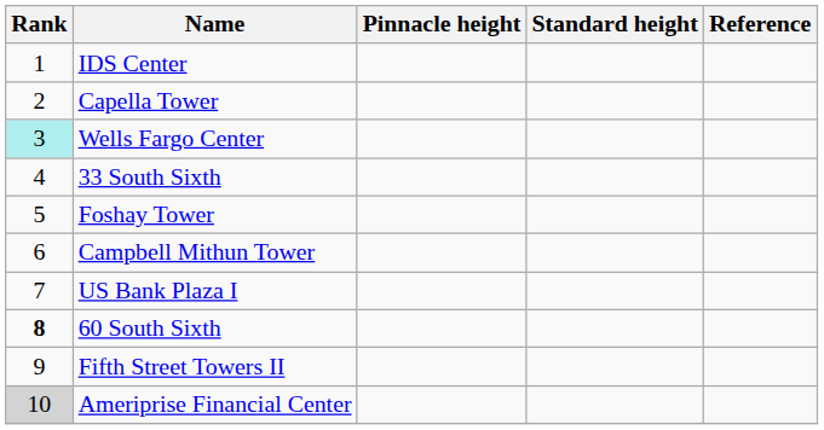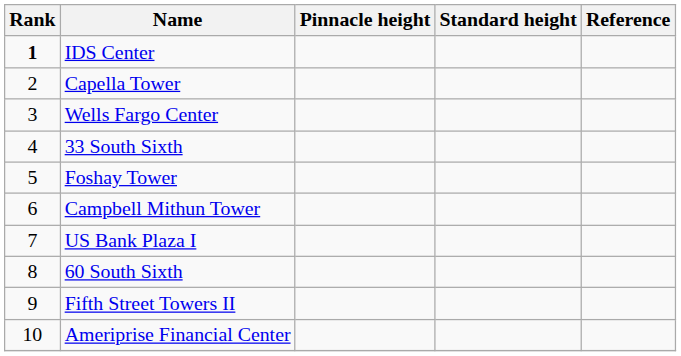 <table class="wikitable sortable" style="text-align:center;">
 <tr>
 <th scope=col>Rank</th>
 <th scope=col>Name</th>
 <th scope=col>Pinnacle height<br></th>
 <th scope=col>Standard height<br></th>
 <th scope=col class="unsortable">Reference</th>
 </tr>
 <tr>
-<td>1</td>
+<td><strong>1</strong></td>
 <td align=left><a href='#'>IDS Center</a></td>
 <td></td>
 <td></td>
 <td></td>
 </tr>
 <tr>
 <td>2</td>
 <td align=left><a href='#'>Capella Tower</a></td>
 <td></td>
 <td></td>
 <td></td>
 </tr>
 <tr>
-<td style="background: paleturquoise;">3</td>
+<td>3</td>
 <td align=left><a href='#'>Wells Fargo Center</a></td>
 <td></td>
 <td></td>
 <td></td>
 </tr>
 <tr>
 <td>4</td>
 <td align=left><a href='#'>33 South Sixth</a></td>
 <td></td>
 <td></td>
 <td></td>
 </tr>
 <tr>
 <td>5</td>
 <td align=left><a href='#'>Foshay Tower</a></td>
 <td></td>
 <td></td>
 <td></td>
 </tr>
 <tr>
 <td>6</td>
 <td align=left><a href='#'>Campbell Mithun Tower</a></td>
 <td></td>
 <td></td>
 <td></td>
 </tr>
 <tr>
 <td>7</td>
 <td align=left><a href='#'>US Bank Plaza I</a></td>
 <td></td>
 <td></td>
 <td></td>
 </tr>
 <tr>
-<td><strong>8</strong></td>
+<td>8</td>
 <td align=left><a href='#'>60 South Sixth</a></td>
 <td></td>
 <td></td>
 <td></td>
 </tr>
 <tr>
 <td>9</td>
 <td align=left><a href='#'>Fifth Street Towers II</a></td>
 <td></td>
 <td></td>
 <td></td>
 </tr>
 <tr>
-<td style="background: lightgrey;">10</td>
+<td>10</td>
 <td align=left><a href='#'>Ameriprise Financial Center</a></td>
 <td></td>
 <td></td>
 <td></td>
 </tr>
 <tr>
 </tr>
 </table>
